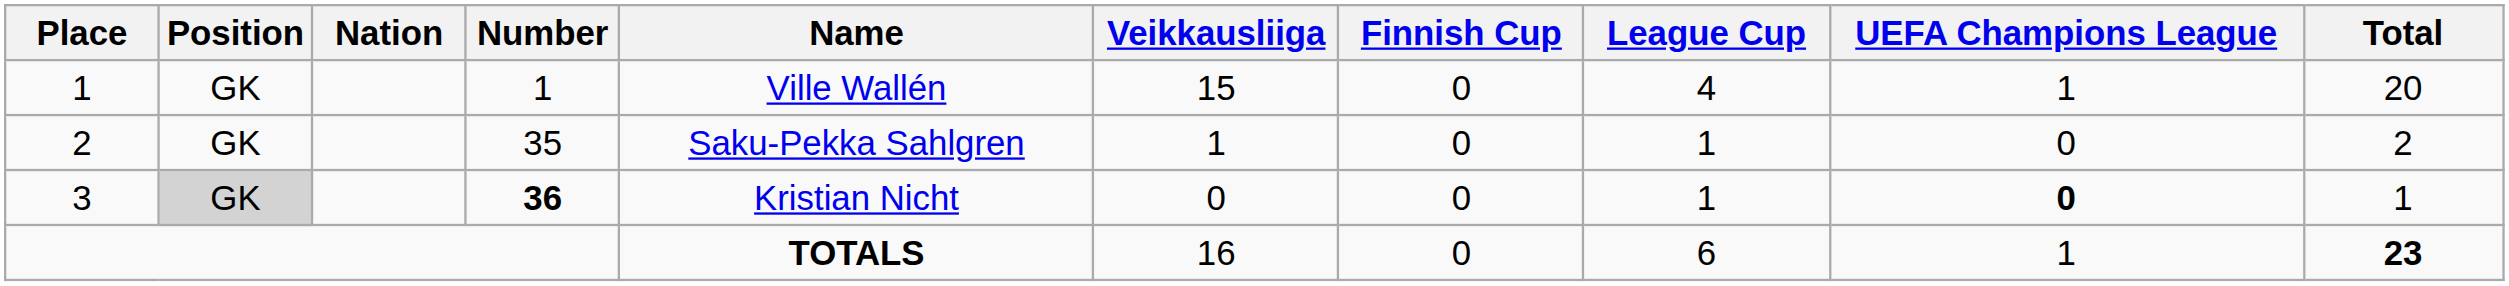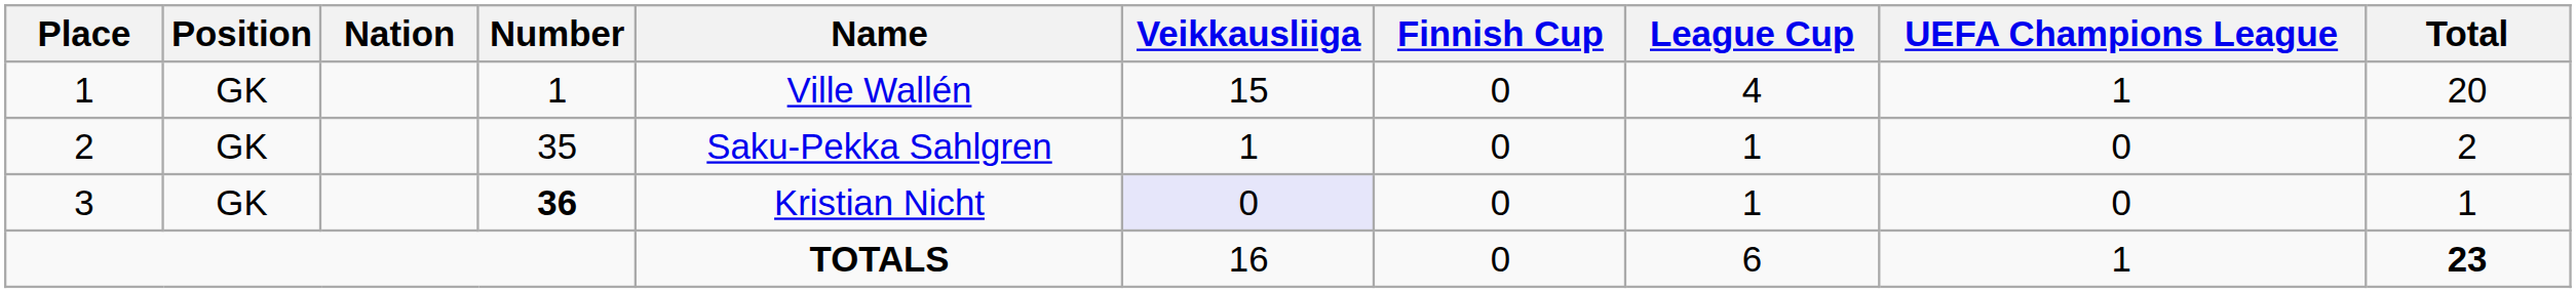 <table class="wikitable" style="font-size: 95%; text-align: center;">
 <tr>
 <th width=60>Place</th>
 <th width=60>Position</th>
 <th width=60>Nation</th>
 <th width=60>Number</th>
 <th width=200>Name</th>
 <th width=100><a href='#'>Veikkausliiga</a></th>
 <th width=100><a href='#'>Finnish Cup</a></th>
 <th width=100><a href='#'>League Cup</a></th>
 <th width=200><a href='#'>UEFA Champions League</a></th>
 <th width=80><strong>Total</strong></th>
 </tr>
 <tr>
 <td>1</td>
 <td>GK</td>
 <td></td>
 <td>1</td>
 <td><a href='#'>Ville Wallén</a></td>
 <td>15</td>
 <td>0</td>
 <td>4</td>
 <td>1</td>
 <td>20</td>
 </tr>
 <tr>
 <td>2</td>
 <td>GK</td>
 <td></td>
 <td>35</td>
 <td><a href='#'>Saku-Pekka Sahlgren</a></td>
 <td>1</td>
 <td>0</td>
 <td>1</td>
 <td>0</td>
 <td>2</td>
 </tr>
 <tr>
 <td>3</td>
-<td style="background: lightgrey;">GK</td>
+<td>GK</td>
 <td></td>
 <td><strong>36</strong></td>
 <td><a href='#'>Kristian Nicht</a></td>
-<td>0</td>
+<td style="background: lavender;">0</td>
 <td>0</td>
 <td>1</td>
-<td><strong>0</strong></td>
+<td>0</td>
 <td>1</td>
 </tr>
 <tr>
 <td colspan=4></td>
 <td><strong>TOTALS</strong></td>
 <td>16</td>
 <td>0</td>
 <td>6</td>
 <td>1</td>
 <td><strong>23</strong></td>
 </tr>
 </table>
